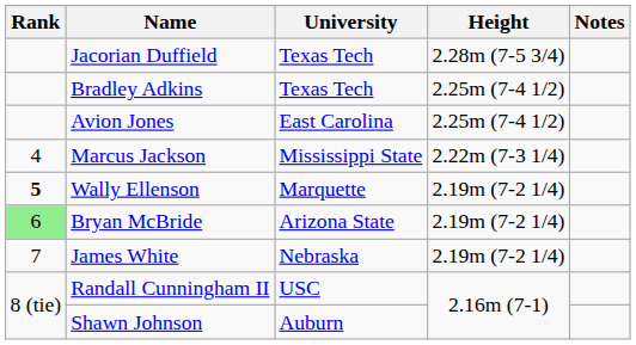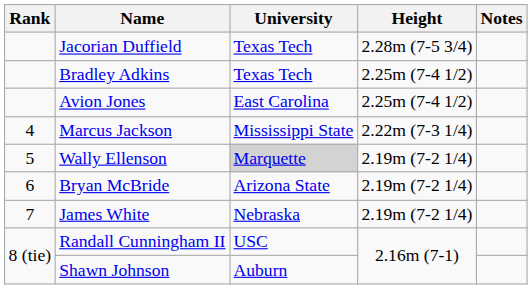 <table class="wikitable sortable" style="text-align:center">
 <tr>
 <th>Rank</th>
 <th>Name</th>
 <th>University</th>
 <th>Height</th>
 <th>Notes</th>
 </tr>
 <tr>
 <td></td>
 <td align=left><a href='#'>Jacorian Duffield</a></td>
 <td align=left><a href='#'>Texas Tech</a></td>
 <td>2.28m  (7-5 3/4)</td>
 <td></td>
 </tr>
 <tr>
 <td></td>
 <td align=left><a href='#'>Bradley Adkins</a></td>
 <td align=left><a href='#'>Texas Tech</a></td>
 <td>2.25m  (7-4 1/2)</td>
 <td></td>
 </tr>
 <tr>
 <td></td>
 <td align=left><a href='#'>Avion Jones</a></td>
 <td align="left"><a href='#'>East Carolina</a></td>
 <td>2.25m  (7-4 1/2)</td>
 <td></td>
 </tr>
 <tr>
 <td>4</td>
 <td align=left><a href='#'>Marcus Jackson</a></td>
 <td align="left"><a href='#'>Mississippi State</a></td>
 <td>2.22m  (7-3 1/4)</td>
 <td></td>
 </tr>
 <tr>
-<td><strong>5</strong></td>
+<td>5</td>
 <td align=left><a href='#'>Wally Ellenson</a></td>
-<td align="left"><a href='#'>Marquette</a></td>
+<td align="left" style="background: lightgrey;"><a href='#'>Marquette</a></td>
 <td>2.19m  (7-2 1/4)</td>
 <td></td>
 </tr>
 <tr>
-<td style="background: lightgreen;">6</td>
+<td>6</td>
 <td align=left><a href='#'>Bryan McBride</a></td>
 <td align=left><a href='#'>Arizona State</a></td>
 <td>2.19m  (7-2 1/4)</td>
 <td></td>
 </tr>
 <tr>
 <td>7</td>
 <td align=left><a href='#'>James White</a></td>
 <td align="left"><a href='#'>Nebraska</a></td>
 <td>2.19m  (7-2 1/4)</td>
 <td></td>
 </tr>
 <tr>
 <td rowspan=2>8 (tie)</td>
 <td align=left><a href='#'>Randall Cunningham II</a></td>
 <td align=left><a href='#'>USC</a></td>
 <td rowspan=2>2.16m (7-1)</td>
 <td></td>
 </tr>
 <tr>
 <td align=left><a href='#'>Shawn Johnson</a></td>
 <td align="left"><a href='#'>Auburn</a></td>
 <td></td>
 </tr>
 </table>
